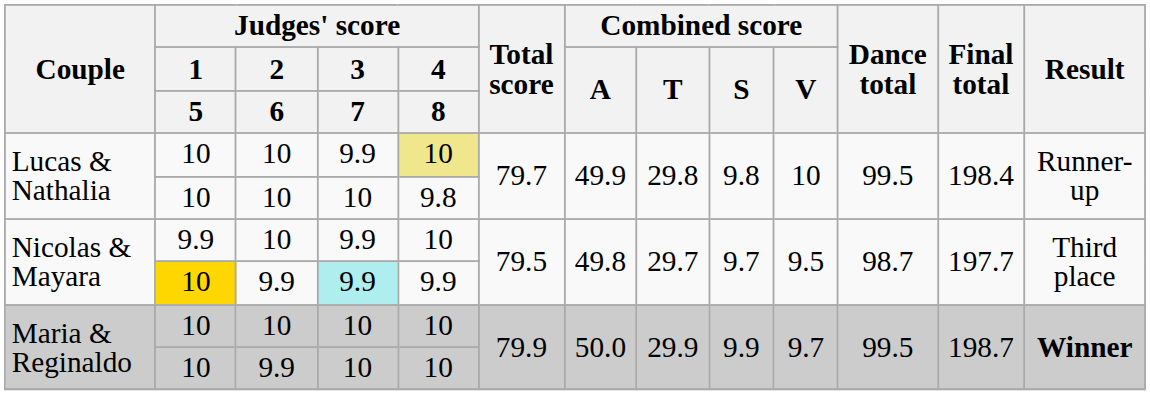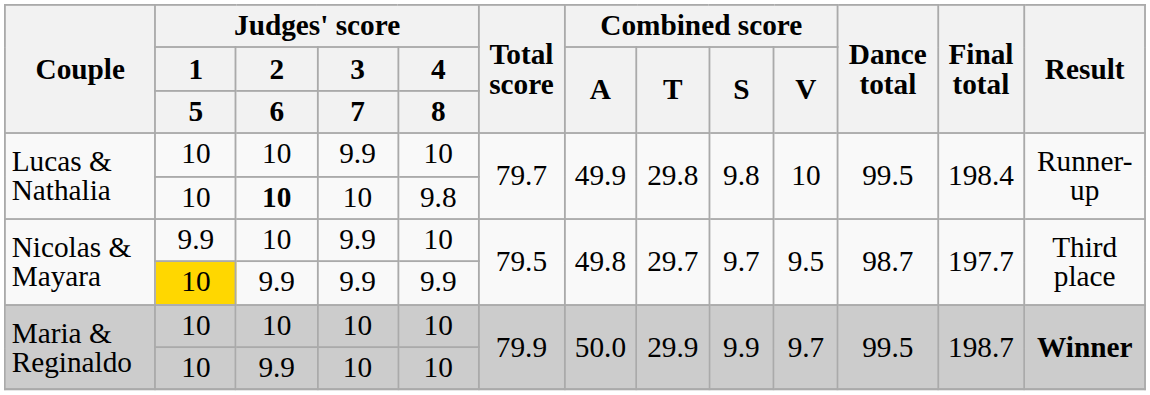 <table class="wikitable" style="font-size:100%; line-height:16px; text-align:center" width="100%">
 <tr>
 <th rowspan=3 style="width:11.0%;">Couple</th>
 <th colspan=4 style="width:25.0%;">Judges' score</th>
 <th rowspan=3 style="width:05.0%;">Total score</th>
 <th colspan=4 style="width:20.0%;">Combined score</th>
 <th rowspan=3 style="width:05.0%;">Dance total</th>
 <th rowspan=3 style="width:05.0%;">Final total</th>
 <th rowspan=3 style="width:07.5%;">Result</th>
 </tr>
 <tr>
 <th>1</th>
 <th>2</th>
 <th>3</th>
 <th>4</th>
 <th rowspan=2 style="width:05.0%;">A</th>
 <th rowspan=2 style="width:05.0%;">T</th>
 <th rowspan=2 style="width:05.0%;">S</th>
 <th rowspan=2 style="width:05.0%;">V</th>
 </tr>
 <tr>
 <th>5</th>
 <th>6</th>
 <th>7</th>
 <th>8</th>
 </tr>
 <tr>
 <td align="left" rowspan=2>Lucas & Nathalia</td>
 <td>10</td>
 <td>10</td>
 <td>9.9</td>
-<td style="background: khaki;">10</td>
+<td>10</td>
 <td rowspan=2>79.7</td>
 <td rowspan=2>49.9</td>
 <td rowspan=2>29.8</td>
 <td rowspan=2>9.8</td>
 <td rowspan=2>10</td>
 <td rowspan=2>99.5</td>
 <td rowspan=2>198.4</td>
 <td rowspan=2>Runner-up</td>
 </tr>
 <tr>
 <td>10</td>
-<td>10</td>
+<td><strong>10</strong></td>
 <td>10</td>
 <td>9.8</td>
 </tr>
 <tr>
 <td align="left" rowspan=2>Nicolas & Mayara</td>
 <td>9.9</td>
 <td>10</td>
 <td>9.9</td>
 <td>10</td>
 <td rowspan=2>79.5</td>
 <td rowspan=2>49.8</td>
 <td rowspan=2>29.7</td>
 <td rowspan=2>9.7</td>
 <td rowspan=2>9.5</td>
 <td rowspan=2>98.7</td>
 <td rowspan=2>197.7</td>
 <td rowspan=2>Third place</td>
 </tr>
 <tr>
 <td style="background: gold;">10</td>
 <td>9.9</td>
-<td style="background: paleturquoise;">9.9</td>
+<td>9.9</td>
 <td>9.9</td>
 </tr>
 <tr bgcolor=CCCCCC>
 <td align="left" rowspan=2>Maria & Reginaldo</td>
 <td>10</td>
 <td>10</td>
 <td>10</td>
 <td>10</td>
 <td rowspan=2>79.9</td>
 <td rowspan=2>50.0</td>
 <td rowspan=2>29.9</td>
 <td rowspan=2>9.9</td>
 <td rowspan=2>9.7</td>
 <td rowspan=2>99.5</td>
 <td rowspan=2>198.7</td>
 <td rowspan=2><strong>Winner</strong></td>
 </tr>
 <tr bgcolor=CCCCCC>
 <td>10</td>
 <td>9.9</td>
 <td>10</td>
 <td>10</td>
 </tr>
 <tr>
 </tr>
 </table>
